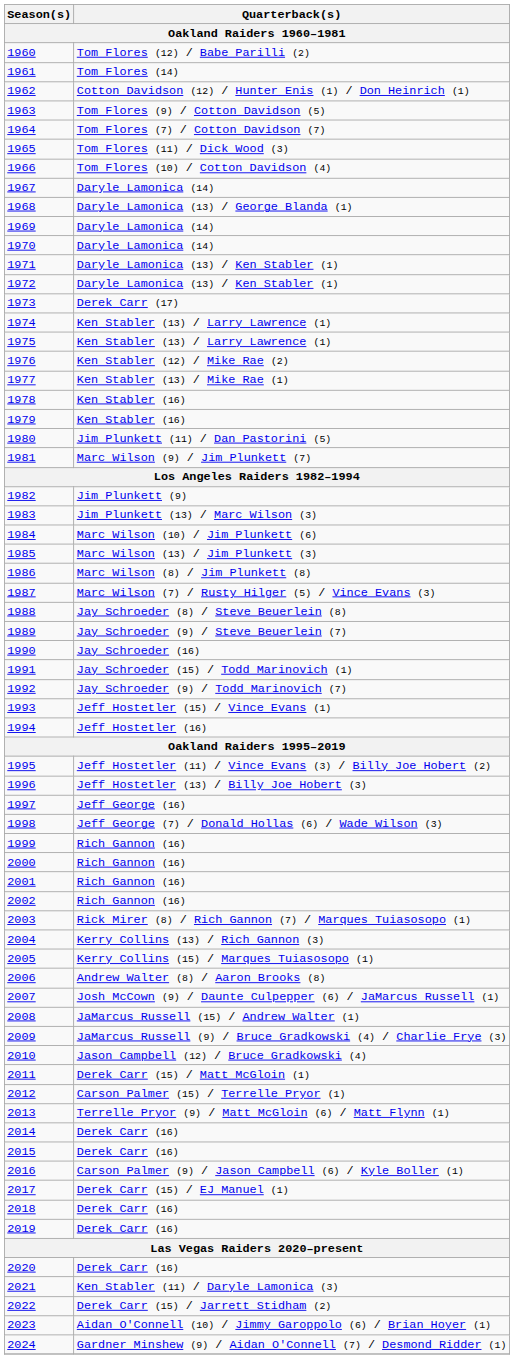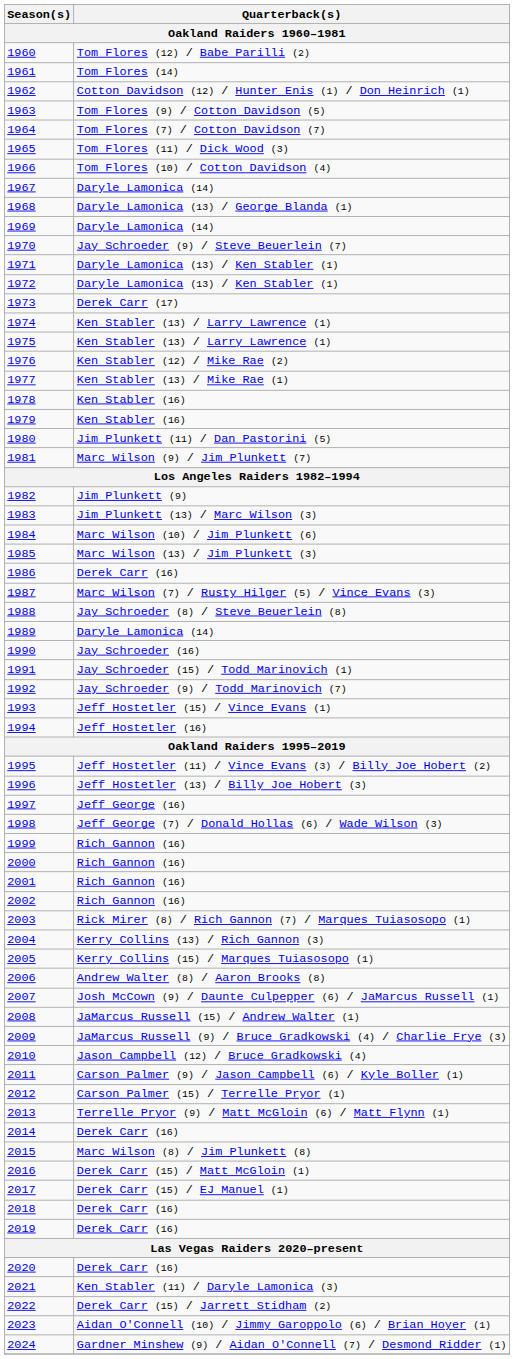 <table class="wikitable">
 <tr>
 <th>Season(s)</th>
 <th>Quarterback(s)</th>
 </tr>
 <tr>
 <th colspan="2">Oakland Raiders 1960–1981</th>
 </tr>
 <tr>
 <td><a href='#'>1960</a></td>
 <td><a href='#'>Tom Flores</a> <small>(12)</small> / <a href='#'>Babe Parilli</a> <small>(2)</small></td>
 </tr>
 <tr>
 <td><a href='#'>1961</a></td>
 <td><a href='#'>Tom Flores</a> <small>(14)</small></td>
 </tr>
 <tr>
 <td><a href='#'>1962</a></td>
 <td><a href='#'>Cotton Davidson</a> <small>(12)</small> / <a href='#'>Hunter Enis</a> <small>(1)</small> / <a href='#'>Don Heinrich</a> <small>(1)</small></td>
 </tr>
 <tr>
 <td><a href='#'>1963</a></td>
 <td><a href='#'>Tom Flores</a> <small>(9)</small> / <a href='#'>Cotton Davidson</a> <small>(5)</small></td>
 </tr>
 <tr>
 <td><a href='#'>1964</a></td>
 <td><a href='#'>Tom Flores</a> <small>(7)</small> / <a href='#'>Cotton Davidson</a> <small>(7)</small></td>
 </tr>
 <tr>
 <td><a href='#'>1965</a></td>
 <td><a href='#'>Tom Flores</a> <small>(11)</small> / <a href='#'>Dick Wood</a> <small>(3)</small></td>
 </tr>
 <tr>
 <td><a href='#'>1966</a></td>
 <td><a href='#'>Tom Flores</a> <small>(10)</small> / <a href='#'>Cotton Davidson</a> <small>(4)</small></td>
 </tr>
 <tr>
 <td><a href='#'>1967</a></td>
 <td><a href='#'>Daryle Lamonica</a> <small>(14)</small></td>
 </tr>
 <tr>
 <td><a href='#'>1968</a></td>
 <td><a href='#'>Daryle Lamonica</a> <small>(13)</small> / <a href='#'>George Blanda</a> <small>(1)</small></td>
 </tr>
 <tr>
 <td><a href='#'>1969</a></td>
 <td><a href='#'>Daryle Lamonica</a> <small>(14)</small></td>
 </tr>
 <tr>
 <td><a href='#'>1970</a></td>
-<td><a href='#'>Daryle Lamonica</a> <small>(14)</small></td>
+<td><a href='#'>Jay Schroeder</a> <small>(9)</small> / <a href='#'>Steve Beuerlein</a> <small>(7)</small></td>
 </tr>
 <tr>
 <td><a href='#'>1971</a></td>
 <td><a href='#'>Daryle Lamonica</a> <small>(13)</small> / <a href='#'>Ken Stabler</a> <small>(1)</small></td>
 </tr>
 <tr>
 <td><a href='#'>1972</a></td>
 <td><a href='#'>Daryle Lamonica</a> <small>(13)</small> / <a href='#'>Ken Stabler</a> <small>(1)</small></td>
 </tr>
 <tr>
 <td><a href='#'>1973</a></td>
 <td><a href='#'>Derek Carr</a> <small>(17)</small></td>
 </tr>
 <tr>
 <td><a href='#'>1974</a></td>
 <td><a href='#'>Ken Stabler</a> <small>(13)</small> / <a href='#'>Larry Lawrence</a> <small>(1)</small></td>
 </tr>
 <tr>
 <td><a href='#'>1975</a></td>
 <td><a href='#'>Ken Stabler</a> <small>(13)</small> / <a href='#'>Larry Lawrence</a> <small>(1)</small></td>
 </tr>
 <tr>
 <td><a href='#'>1976</a></td>
 <td><a href='#'>Ken Stabler</a> <small>(12)</small> / <a href='#'>Mike Rae</a> <small>(2)</small></td>
 </tr>
 <tr>
 <td><a href='#'>1977</a></td>
 <td><a href='#'>Ken Stabler</a> <small>(13)</small> / <a href='#'>Mike Rae</a> <small>(1)</small></td>
 </tr>
 <tr>
 <td><a href='#'>1978</a></td>
 <td><a href='#'>Ken Stabler</a> <small>(16)</small></td>
 </tr>
 <tr>
 <td><a href='#'>1979</a></td>
 <td><a href='#'>Ken Stabler</a> <small>(16)</small></td>
 </tr>
 <tr>
 <td><a href='#'>1980</a></td>
 <td><a href='#'>Jim Plunkett</a> <small>(11)</small> / <a href='#'>Dan Pastorini</a> <small>(5)</small></td>
 </tr>
 <tr>
 <td><a href='#'>1981</a></td>
 <td><a href='#'>Marc Wilson</a> <small>(9)</small> / <a href='#'>Jim Plunkett</a> <small>(7)</small></td>
 </tr>
 <tr>
 <th colspan="2">Los Angeles Raiders 1982–1994</th>
 </tr>
 <tr>
 <td><a href='#'>1982</a></td>
 <td><a href='#'>Jim Plunkett</a> <small>(9)</small></td>
 </tr>
 <tr>
 <td><a href='#'>1983</a></td>
 <td><a href='#'>Jim Plunkett</a> <small>(13)</small> / <a href='#'>Marc Wilson</a> <small>(3)</small></td>
 </tr>
 <tr>
 <td><a href='#'>1984</a></td>
 <td><a href='#'>Marc Wilson</a> <small>(10)</small> / <a href='#'>Jim Plunkett</a> <small>(6)</small></td>
 </tr>
 <tr>
 <td><a href='#'>1985</a></td>
 <td><a href='#'>Marc Wilson</a> <small>(13)</small> / <a href='#'>Jim Plunkett</a> <small>(3)</small></td>
 </tr>
 <tr>
 <td><a href='#'>1986</a></td>
-<td><a href='#'>Marc Wilson</a> <small>(8)</small> / <a href='#'>Jim Plunkett</a> <small>(8)</small></td>
+<td><a href='#'>Derek Carr</a> <small>(16)</small></td>
 </tr>
 <tr>
 <td><a href='#'>1987</a></td>
 <td><a href='#'>Marc Wilson</a> <small>(7)</small> / <a href='#'>Rusty Hilger</a> <small>(5)</small> / <a href='#'>Vince Evans</a> <small>(3)</small></td>
 </tr>
 <tr>
 <td><a href='#'>1988</a></td>
 <td><a href='#'>Jay Schroeder</a> <small>(8)</small> / <a href='#'>Steve Beuerlein</a> <small>(8)</small></td>
 </tr>
 <tr>
 <td><a href='#'>1989</a></td>
-<td><a href='#'>Jay Schroeder</a> <small>(9)</small> / <a href='#'>Steve Beuerlein</a> <small>(7)</small></td>
+<td><a href='#'>Daryle Lamonica</a> <small>(14)</small></td>
 </tr>
 <tr>
 <td><a href='#'>1990</a></td>
 <td><a href='#'>Jay Schroeder</a> <small>(16)</small></td>
 </tr>
 <tr>
 <td><a href='#'>1991</a></td>
 <td><a href='#'>Jay Schroeder</a> <small>(15)</small> / <a href='#'>Todd Marinovich</a> <small>(1)</small></td>
 </tr>
 <tr>
 <td><a href='#'>1992</a></td>
 <td><a href='#'>Jay Schroeder</a> <small>(9)</small> / <a href='#'>Todd Marinovich</a> <small>(7)</small></td>
 </tr>
 <tr>
 <td><a href='#'>1993</a></td>
 <td><a href='#'>Jeff Hostetler</a> <small>(15)</small> / <a href='#'>Vince Evans</a> <small>(1)</small></td>
 </tr>
 <tr>
 <td><a href='#'>1994</a></td>
 <td><a href='#'>Jeff Hostetler</a> <small>(16)</small></td>
 </tr>
 <tr>
 <th colspan="2">Oakland Raiders 1995–2019</th>
 </tr>
 <tr>
 <td><a href='#'>1995</a></td>
 <td><a href='#'>Jeff Hostetler</a> <small>(11)</small> / <a href='#'>Vince Evans</a> <small>(3)</small> / <a href='#'>Billy Joe Hobert</a> <small>(2)</small></td>
 </tr>
 <tr>
 <td><a href='#'>1996</a></td>
 <td><a href='#'>Jeff Hostetler</a> <small>(13)</small> / <a href='#'>Billy Joe Hobert</a> <small>(3)</small></td>
 </tr>
 <tr>
 <td><a href='#'>1997</a></td>
 <td><a href='#'>Jeff George</a> <small>(16)</small></td>
 </tr>
 <tr>
 <td><a href='#'>1998</a></td>
 <td><a href='#'>Jeff George</a> <small>(7)</small> / <a href='#'>Donald Hollas</a> <small>(6)</small> / <a href='#'>Wade Wilson</a> <small>(3)</small></td>
 </tr>
 <tr>
 <td><a href='#'>1999</a></td>
 <td><a href='#'>Rich Gannon</a> <small>(16)</small></td>
 </tr>
 <tr>
 <td><a href='#'>2000</a></td>
 <td><a href='#'>Rich Gannon</a> <small>(16)</small></td>
 </tr>
 <tr>
 <td><a href='#'>2001</a></td>
 <td><a href='#'>Rich Gannon</a> <small>(16)</small></td>
 </tr>
 <tr>
 <td><a href='#'>2002</a></td>
 <td><a href='#'>Rich Gannon</a> <small>(16)</small></td>
 </tr>
 <tr>
 <td><a href='#'>2003</a></td>
 <td><a href='#'>Rick Mirer</a> <small>(8)</small> / <a href='#'>Rich Gannon</a> <small>(7)</small> / <a href='#'>Marques Tuiasosopo</a> <small>(1)</small></td>
 </tr>
 <tr>
 <td><a href='#'>2004</a></td>
 <td><a href='#'>Kerry Collins</a> <small>(13)</small> / <a href='#'>Rich Gannon</a> <small>(3)</small></td>
 </tr>
 <tr>
 <td><a href='#'>2005</a></td>
 <td><a href='#'>Kerry Collins</a> <small>(15)</small> / <a href='#'>Marques Tuiasosopo</a> <small>(1)</small></td>
 </tr>
 <tr>
 <td><a href='#'>2006</a></td>
 <td><a href='#'>Andrew Walter</a> <small>(8)</small> / <a href='#'>Aaron Brooks</a> <small>(8)</small></td>
 </tr>
 <tr>
 <td><a href='#'>2007</a></td>
 <td><a href='#'>Josh McCown</a> <small>(9)</small> / <a href='#'>Daunte Culpepper</a> <small>(6)</small> / <a href='#'>JaMarcus Russell</a> <small>(1)</small></td>
 </tr>
 <tr>
 <td><a href='#'>2008</a></td>
 <td><a href='#'>JaMarcus Russell</a> <small>(15)</small> / <a href='#'>Andrew Walter</a> <small>(1)</small></td>
 </tr>
 <tr>
 <td><a href='#'>2009</a></td>
 <td><a href='#'>JaMarcus Russell</a> <small>(9)</small> / <a href='#'>Bruce Gradkowski</a> <small>(4)</small> / <a href='#'>Charlie Frye</a> <small>(3)</small></td>
 </tr>
 <tr>
 <td><a href='#'>2010</a></td>
 <td><a href='#'>Jason Campbell</a> <small>(12)</small> / <a href='#'>Bruce Gradkowski</a> <small>(4)</small></td>
 </tr>
 <tr>
 <td><a href='#'>2011</a></td>
-<td><a href='#'>Derek Carr</a> <small>(15)</small> / <a href='#'>Matt McGloin</a> <small>(1)</small></td>
+<td><a href='#'>Carson Palmer</a> <small>(9)</small> / <a href='#'>Jason Campbell</a> <small>(6)</small> / <a href='#'>Kyle Boller</a> <small>(1)</small></td>
 </tr>
 <tr>
 <td><a href='#'>2012</a></td>
 <td><a href='#'>Carson Palmer</a> <small> (15)</small> / <a href='#'>Terrelle Pryor</a> <small>(1)</small></td>
 </tr>
 <tr>
 <td><a href='#'>2013</a></td>
 <td><a href='#'>Terrelle Pryor</a> <small>(9)</small> / <a href='#'>Matt McGloin</a> <small>(6)</small> / <a href='#'>Matt Flynn</a> <small>(1)</small></td>
 </tr>
 <tr>
 <td><a href='#'>2014</a></td>
 <td><a href='#'>Derek Carr</a> <small>(16)</small></td>
 </tr>
 <tr>
 <td><a href='#'>2015</a></td>
-<td><a href='#'>Derek Carr</a> <small>(16)</small></td>
+<td><a href='#'>Marc Wilson</a> <small>(8)</small> / <a href='#'>Jim Plunkett</a> <small>(8)</small></td>
 </tr>
 <tr>
 <td><a href='#'>2016</a></td>
-<td><a href='#'>Carson Palmer</a> <small>(9)</small> / <a href='#'>Jason Campbell</a> <small>(6)</small> / <a href='#'>Kyle Boller</a> <small>(1)</small></td>
+<td><a href='#'>Derek Carr</a> <small>(15)</small> / <a href='#'>Matt McGloin</a> <small>(1)</small></td>
 </tr>
 <tr>
 <td><a href='#'>2017</a></td>
 <td><a href='#'>Derek Carr</a> <small>(15)</small> / <a href='#'>EJ Manuel</a> <small>(1)</small></td>
 </tr>
 <tr>
 <td><a href='#'>2018</a></td>
 <td><a href='#'>Derek Carr</a> <small>(16)</small></td>
 </tr>
 <tr>
 <td><a href='#'>2019</a></td>
 <td><a href='#'>Derek Carr</a> <small>(16)</small></td>
 </tr>
 <tr>
 <th colspan="2">Las Vegas Raiders 2020–present</th>
 </tr>
 <tr>
 <td><a href='#'>2020</a></td>
 <td><a href='#'>Derek Carr</a> <small>(16)</small></td>
 </tr>
 <tr>
 <td><a href='#'>2021</a></td>
 <td><a href='#'>Ken Stabler</a> <small>(11)</small> / <a href='#'>Daryle Lamonica</a> <small>(3)</small></td>
 </tr>
 <tr>
 <td><a href='#'>2022</a></td>
 <td><a href='#'>Derek Carr</a> <small>(15)</small> / <a href='#'>Jarrett Stidham</a> <small>(2)</small></td>
 </tr>
 <tr>
 <td><a href='#'>2023</a></td>
 <td><a href='#'>Aidan O'Connell</a> <small>(10)</small> / <a href='#'>Jimmy Garoppolo</a> <small>(6)</small> / <a href='#'>Brian Hoyer</a> <small>(1)</small></td>
 </tr>
 <tr>
 <td><a href='#'>2024</a></td>
 <td><a href='#'>Gardner Minshew</a> <small>(9)</small> / <a href='#'>Aidan O'Connell</a> <small>(7)</small> / <a href='#'>Desmond Ridder</a> <small>(1)</small></td>
 </tr>
 <tr>
 </tr>
 </table>
